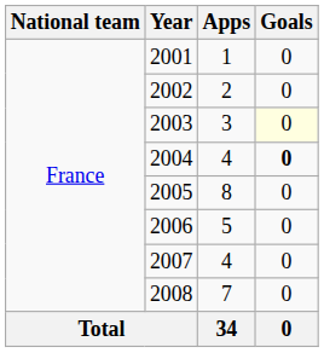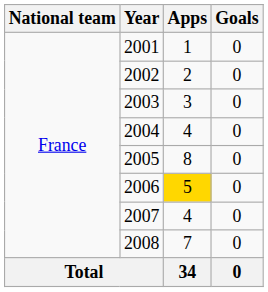 <table class="wikitable" style="text-align: center;">
 <tr>
 <th>National team</th>
 <th>Year</th>
 <th>Apps</th>
 <th>Goals</th>
 </tr>
 <tr>
 <td rowspan="8"><a href='#'>France</a></td>
 <td>2001</td>
 <td>1</td>
 <td>0</td>
 </tr>
 <tr>
 <td>2002</td>
 <td>2</td>
 <td>0</td>
 </tr>
 <tr>
 <td>2003</td>
 <td>3</td>
-<td style="background: lightyellow;">0</td>
+<td>0</td>
 </tr>
 <tr>
 <td>2004</td>
 <td>4</td>
-<td><strong>0</strong></td>
+<td>0</td>
 </tr>
 <tr>
 <td>2005</td>
 <td>8</td>
 <td>0</td>
 </tr>
 <tr>
 <td>2006</td>
-<td>5</td>
+<td style="background: gold;">5</td>
 <td>0</td>
 </tr>
 <tr>
 <td>2007</td>
 <td>4</td>
 <td>0</td>
 </tr>
 <tr>
 <td>2008</td>
 <td>7</td>
 <td>0</td>
 </tr>
 <tr>
 <th colspan="2">Total</th>
 <th>34</th>
 <th>0</th>
 </tr>
 </table>
